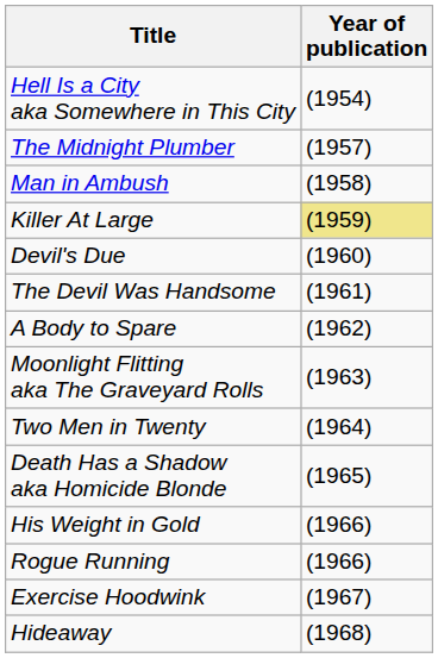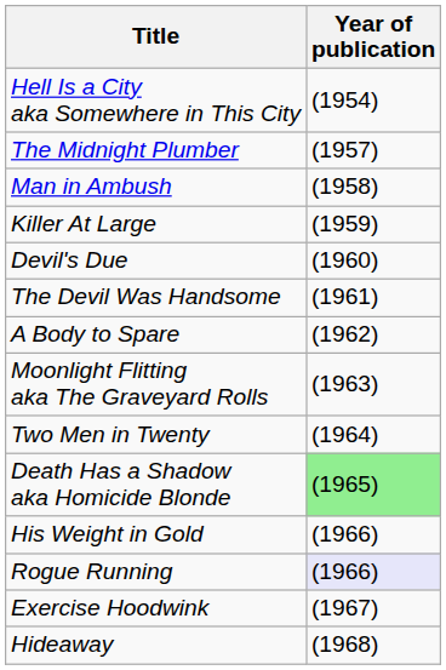 <table class="wikitable sortable">
 <tr>
 <th>Title</th>
 <th>Year of<br>publication</th>
 </tr>
 <tr>
 <td><em><a href='#'>Hell Is a City</a></em><br><em>aka Somewhere in This City</em></td>
 <td>(1954)</td>
 </tr>
 <tr>
 <td><em><a href='#'>The Midnight Plumber</a></em></td>
 <td>(1957)</td>
 </tr>
 <tr>
 <td><em><a href='#'>Man in Ambush</a></em></td>
 <td>(1958)</td>
 </tr>
 <tr>
 <td><em>Killer At Large</em></td>
-<td style="background: khaki;">(1959)</td>
+<td>(1959)</td>
 </tr>
 <tr>
 <td><em>Devil's Due</em></td>
 <td>(1960)</td>
 </tr>
 <tr>
 <td><em>The Devil Was Handsome</em></td>
 <td>(1961)</td>
 </tr>
 <tr>
 <td><em>A Body to Spare</em></td>
 <td>(1962)</td>
 </tr>
 <tr>
 <td><em>Moonlight Flitting</em><br><em>aka The Graveyard Rolls</em></td>
 <td>(1963)</td>
 </tr>
 <tr>
 <td><em>Two Men in Twenty</em></td>
 <td>(1964)</td>
 </tr>
 <tr>
 <td><em>Death Has a Shadow</em><br><em>aka Homicide Blonde</em></td>
-<td>(1965)</td>
+<td style="background: lightgreen;">(1965)</td>
 </tr>
 <tr>
 <td><em>His Weight in Gold</em></td>
 <td>(1966)</td>
 </tr>
 <tr>
 <td><em>Rogue Running</em></td>
-<td>(1966)</td>
+<td style="background: lavender;">(1966)</td>
 </tr>
 <tr>
 <td><em>Exercise Hoodwink</em></td>
 <td>(1967)</td>
 </tr>
 <tr>
 <td><em>Hideaway</em></td>
 <td>(1968)</td>
 </tr>
 </table>
